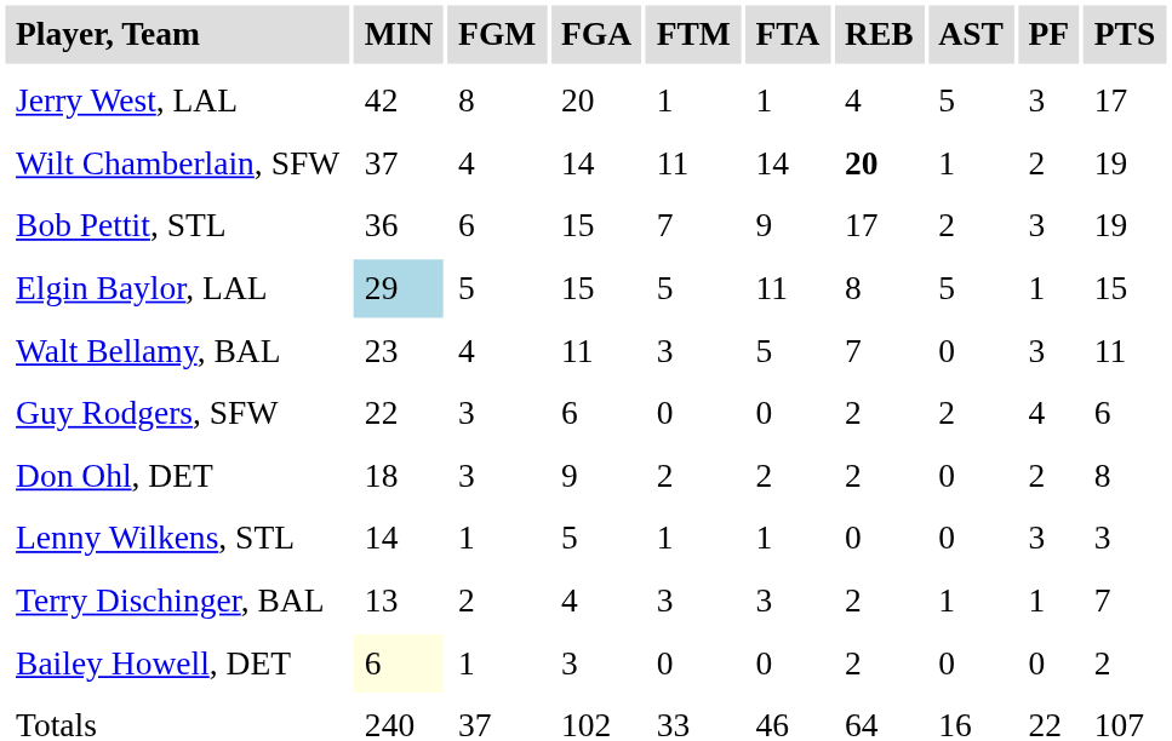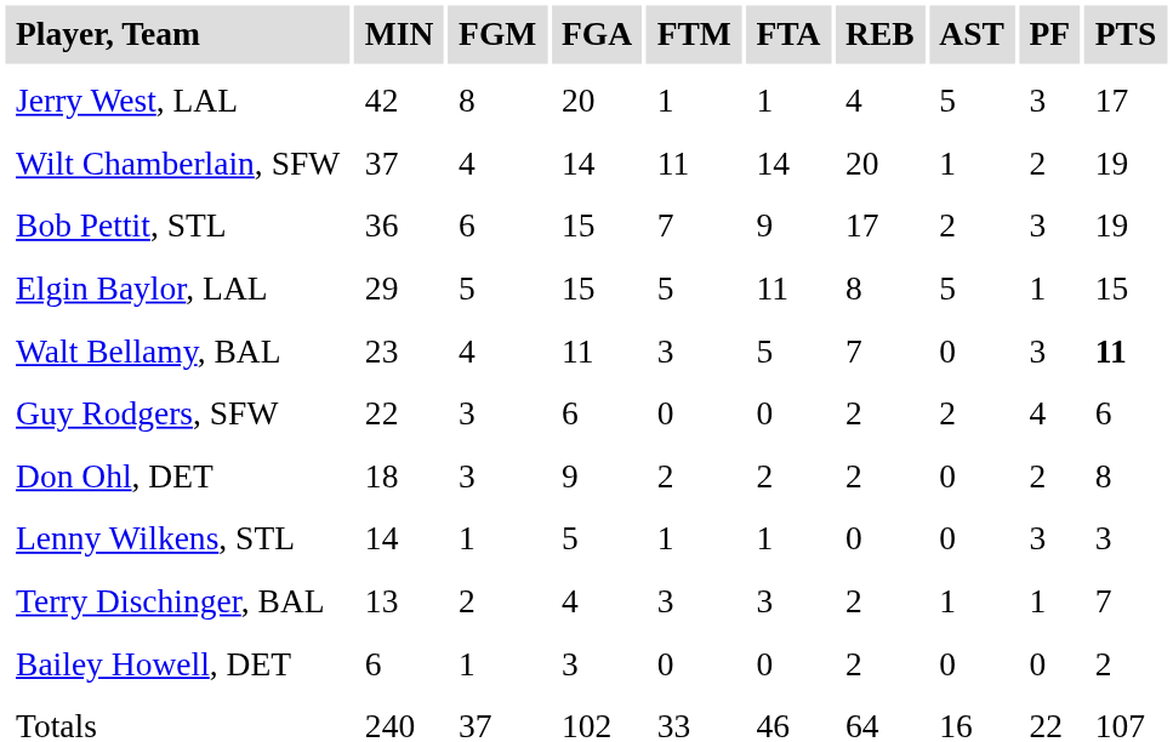 <table cellpadding=5>
 <tr bgcolor="#dddddd">
 <td><strong>Player, Team</strong></td>
 <td><strong>MIN</strong></td>
 <td><strong>FGM</strong></td>
 <td><strong>FGA</strong></td>
 <td><strong>FTM</strong></td>
 <td><strong>FTA</strong></td>
 <td><strong>REB</strong></td>
 <td><strong>AST</strong></td>
 <td><strong>PF</strong></td>
 <td><strong>PTS</strong></td>
 </tr>
 <tr bgcolor="#eeeeee">
 </tr>
 <tr>
 <td><a href='#'>Jerry West</a>, LAL</td>
 <td>42</td>
 <td>8</td>
 <td>20</td>
 <td>1</td>
 <td>1</td>
 <td>4</td>
 <td>5</td>
 <td>3</td>
 <td>17</td>
 </tr>
 <tr>
 <td><a href='#'>Wilt Chamberlain</a>, SFW</td>
 <td>37</td>
 <td>4</td>
 <td>14</td>
 <td>11</td>
 <td>14</td>
-<td><strong>20</strong></td>
+<td>20</td>
 <td>1</td>
 <td>2</td>
 <td>19</td>
 </tr>
 <tr>
 <td><a href='#'>Bob Pettit</a>, STL</td>
 <td>36</td>
 <td>6</td>
 <td>15</td>
 <td>7</td>
 <td>9</td>
 <td>17</td>
 <td>2</td>
 <td>3</td>
 <td>19</td>
 </tr>
 <tr>
 <td><a href='#'>Elgin Baylor</a>, LAL</td>
-<td style="background: lightblue;">29</td>
+<td>29</td>
 <td>5</td>
 <td>15</td>
 <td>5</td>
 <td>11</td>
 <td>8</td>
 <td>5</td>
 <td>1</td>
 <td>15</td>
 </tr>
 <tr>
 <td><a href='#'>Walt Bellamy</a>, BAL</td>
 <td>23</td>
 <td>4</td>
 <td>11</td>
 <td>3</td>
 <td>5</td>
 <td>7</td>
 <td>0</td>
 <td>3</td>
-<td>11</td>
+<td><strong>11</strong></td>
 </tr>
 <tr>
 <td><a href='#'>Guy Rodgers</a>, SFW</td>
 <td>22</td>
 <td>3</td>
 <td>6</td>
 <td>0</td>
 <td>0</td>
 <td>2</td>
 <td>2</td>
 <td>4</td>
 <td>6</td>
 </tr>
 <tr>
 <td><a href='#'>Don Ohl</a>, DET</td>
 <td>18</td>
 <td>3</td>
 <td>9</td>
 <td>2</td>
 <td>2</td>
 <td>2</td>
 <td>0</td>
 <td>2</td>
 <td>8</td>
 </tr>
 <tr>
 <td><a href='#'>Lenny Wilkens</a>, STL</td>
 <td>14</td>
 <td>1</td>
 <td>5</td>
 <td>1</td>
 <td>1</td>
 <td>0</td>
 <td>0</td>
 <td>3</td>
 <td>3</td>
 </tr>
 <tr>
 <td><a href='#'>Terry Dischinger</a>, BAL</td>
 <td>13</td>
 <td>2</td>
 <td>4</td>
 <td>3</td>
 <td>3</td>
 <td>2</td>
 <td>1</td>
 <td>1</td>
 <td>7</td>
 </tr>
 <tr>
 <td><a href='#'>Bailey Howell</a>, DET</td>
-<td style="background: lightyellow;">6</td>
+<td>6</td>
 <td>1</td>
 <td>3</td>
 <td>0</td>
 <td>0</td>
 <td>2</td>
 <td>0</td>
 <td>0</td>
 <td>2</td>
 </tr>
 <tr>
 <td>Totals</td>
 <td>240</td>
 <td>37</td>
 <td>102</td>
 <td>33</td>
 <td>46</td>
 <td>64</td>
 <td>16</td>
 <td>22</td>
 <td>107</td>
 </tr>
 <tr>
 </tr>
 </table>
